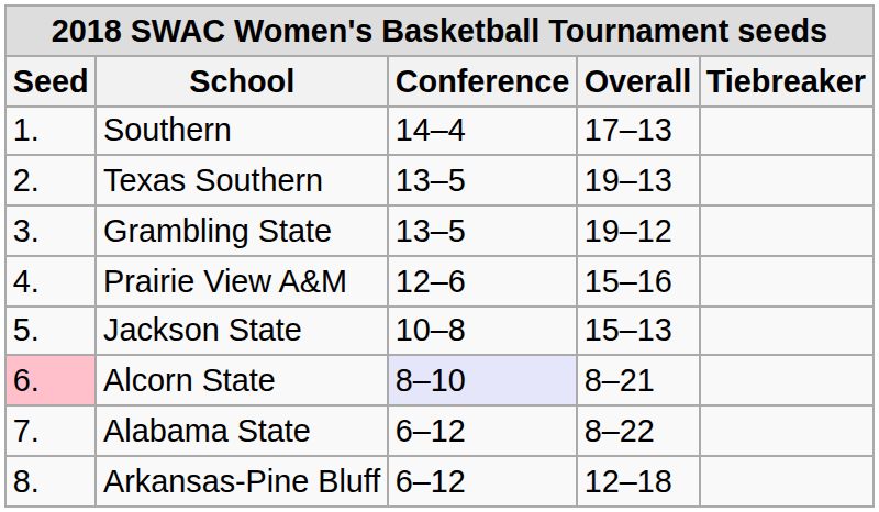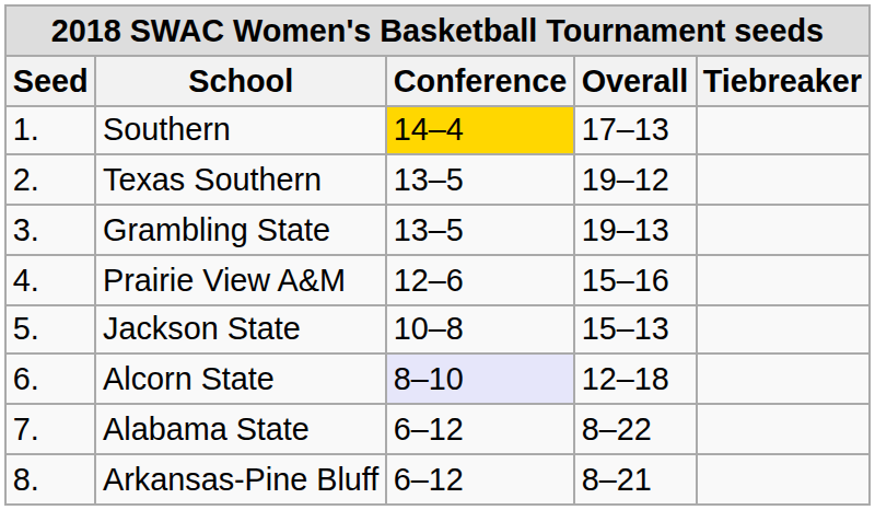 <table class="wikitable" style="white-space:nowrap; font-size:90%;">
 <tr>
 <td colspan="7" style="text-align:center; background:#DDDDDD; font:#000000"><strong>2018 SWAC Women's Basketball Tournament seeds</strong></td>
 </tr>
 <tr bgcolor="#efefef">
 <th>Seed</th>
 <th>School</th>
 <th>Conference</th>
 <th>Overall</th>
 <th>Tiebreaker</th>
 </tr>
 <tr>
 <td>1.</td>
 <td>Southern</td>
-<td>14–4</td>
+<td style="background: gold;">14–4</td>
 <td>17–13</td>
 <td></td>
 </tr>
 <tr>
 <td>2.</td>
 <td>Texas Southern</td>
 <td>13–5</td>
-<td>19–13</td>
+<td>19–12</td>
 <td></td>
 </tr>
 <tr>
 <td>3.</td>
 <td>Grambling State</td>
 <td>13–5</td>
-<td>19–12</td>
+<td>19–13</td>
 <td></td>
 </tr>
 <tr>
 <td>4.</td>
 <td>Prairie View A&M</td>
 <td>12–6</td>
 <td>15–16</td>
 <td></td>
 </tr>
 <tr>
 <td>5.</td>
 <td>Jackson State</td>
 <td>10–8</td>
 <td>15–13</td>
 <td></td>
 </tr>
 <tr>
-<td style="background: pink;">6.</td>
+<td>6.</td>
 <td>Alcorn State</td>
 <td style="background: lavender;">8–10</td>
-<td>8–21</td>
+<td>12–18</td>
 <td></td>
 </tr>
 <tr>
 <td>7.</td>
 <td>Alabama State</td>
 <td>6–12</td>
 <td>8–22</td>
 <td></td>
 </tr>
 <tr>
 <td>8.</td>
 <td>Arkansas-Pine Bluff</td>
 <td>6–12</td>
-<td>12–18</td>
+<td>8–21</td>
 <td></td>
 </tr>
 <tr>
 </tr>
 </table>
